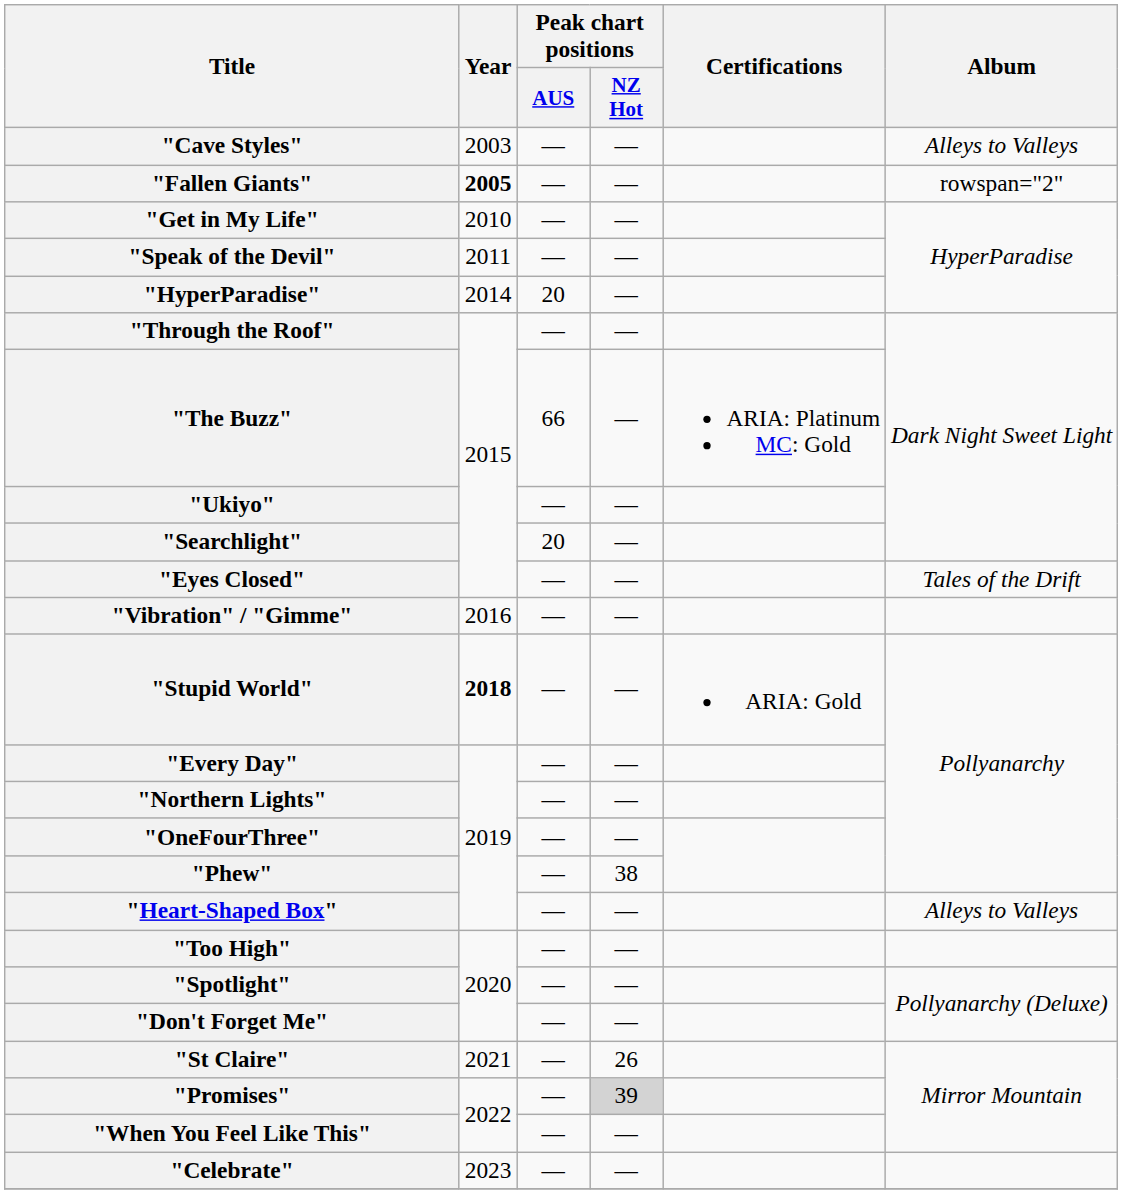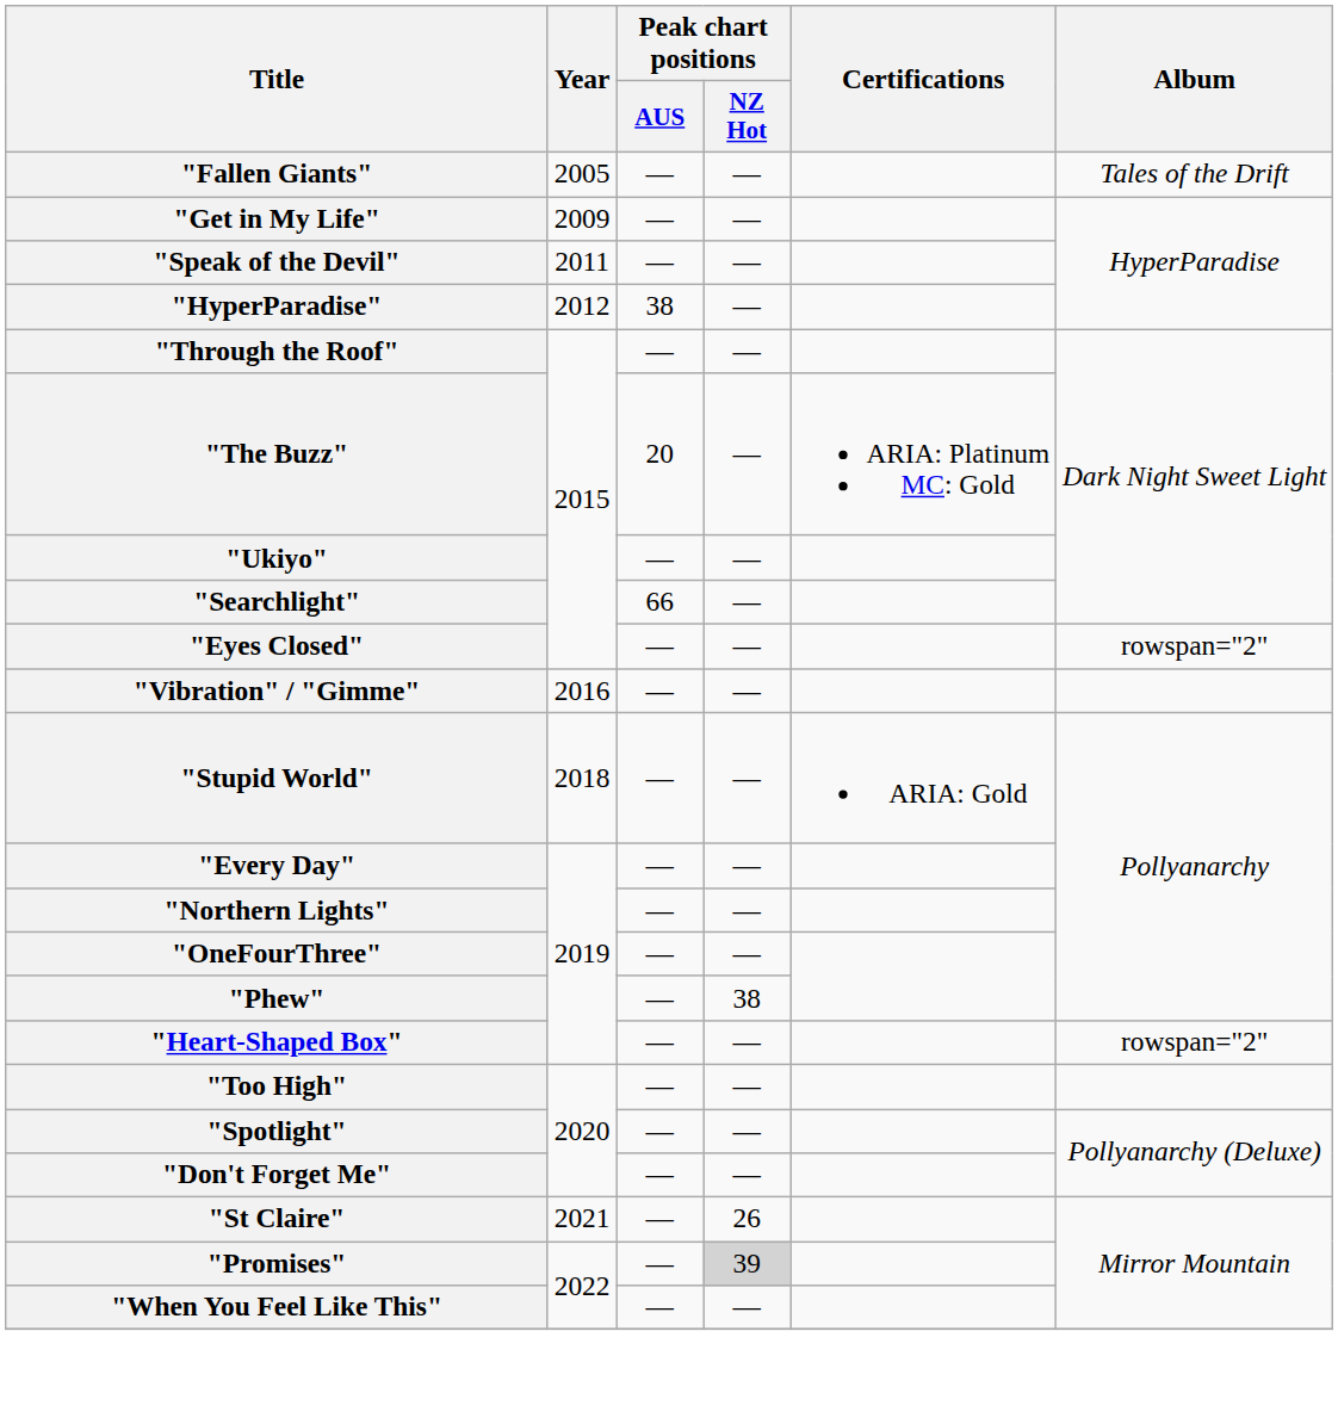 <table class="wikitable plainrowheaders" style="text-align:center;" border="1">
 <tr>
 <th scope="col" rowspan="2" style="width:19em;">Title</th>
 <th scope="col" rowspan="2" style="width:1em;">Year</th>
 <th scope="col" colspan="2">Peak chart positions</th>
 <th scope="col" rowspan="2">Certifications</th>
 <th scope="col" rowspan="2">Album</th>
 </tr>
 <tr>
 <th scope="col" style="width:3em;font-size:90%;"><a href='#'>AUS</a><br></th>
 <th scope="col" style="width:3em;font-size:90%;"><a href='#'>NZ<br>Hot</a><br></th>
 </tr>
 <tr>
-<th scope="row">"Cave Styles"</th>
-<td>2003</td>
+<th scope="row">"Fallen Giants"<br></th>
+<td>2005</td>
 <td>—</td>
 <td>—</td>
 <td></td>
-<td><em>Alleys to Valleys</em></td>
-</tr>
-<tr>
-<th scope="row">"Fallen Giants"<br></th>
-<td><strong>2005</strong></td>
-<td>—</td>
-<td>—</td>
-<td></td>
-<td>rowspan="2" </td>
+<td><em>Tales of the Drift</em></td>
 </tr>
 <tr>
 <th scope="row">"Get in My Life"</th>
-<td>2010</td>
+<td>2009</td>
 <td>—</td>
 <td>—</td>
 <td></td>
 <td rowspan="3"><em>HyperParadise</em></td>
 </tr>
 <tr>
 <th scope="row">"Speak of the Devil"</th>
 <td>2011</td>
 <td>—</td>
 <td>—</td>
 <td></td>
 </tr>
 <tr>
 <th scope="row">"HyperParadise"<br></th>
-<td>2014</td>
-<td>20</td>
+<td>2012</td>
+<td>38</td>
 <td>—</td>
 <td></td>
 </tr>
 <tr>
 <th scope="row">"Through the Roof"<br></th>
 <td rowspan="5">2015</td>
 <td>—</td>
 <td>—</td>
 <td></td>
 <td rowspan="4"><em>Dark Night Sweet Light</em></td>
 </tr>
 <tr>
 <th scope="row">"The Buzz"<br></th>
-<td>66</td>
+<td>20</td>
 <td>—</td>
 <td><br><ul><li>ARIA: Platinum</li><li><a href='#'>MC</a>: Gold</li></ul></td>
 </tr>
 <tr>
 <th scope="row">"Ukiyo"<br></th>
 <td>—</td>
 <td>—</td>
 <td></td>
 </tr>
 <tr>
 <th scope="row">"Searchlight"<br></th>
-<td>20</td>
+<td>66</td>
 <td>—</td>
 <td></td>
 </tr>
 <tr>
 <th scope="row">"Eyes Closed"<br></th>
 <td>—</td>
 <td>—</td>
 <td></td>
-<td><em>Tales of the Drift</em></td>
+<td>rowspan="2" </td>
 </tr>
 <tr>
 <th scope="row">"Vibration" / "Gimme"</th>
 <td>2016</td>
 <td>—</td>
 <td>—</td>
 <td></td>
 </tr>
 <tr>
 <th scope="row">"Stupid World"<br></th>
-<td><strong>2018</strong></td>
+<td>2018</td>
 <td>—</td>
 <td>—</td>
 <td><br><ul><li>ARIA: Gold</li></ul></td>
 <td rowspan="5"><em>Pollyanarchy</em></td>
 </tr>
 <tr>
 <th scope="row">"Every Day"<br></th>
 <td rowspan="5">2019</td>
 <td>—</td>
 <td>—</td>
 <td></td>
 </tr>
 <tr>
 <th scope="row">"Northern Lights"<br></th>
 <td>—</td>
 <td>—</td>
 <td></td>
 </tr>
 <tr>
 <th scope="row">"OneFourThree"<br></th>
 <td>—</td>
 <td>—</td>
 </tr>
 <tr>
 <th scope="row">"Phew"<br></th>
 <td>—</td>
 <td>38</td>
 </tr>
 <tr>
 <th scope="row">"<a href='#'>Heart-Shaped Box</a>"<br></th>
 <td>—</td>
 <td>—</td>
 <td></td>
-<td><em>Alleys to Valleys</em></td>
+<td>rowspan="2" </td>
 </tr>
 <tr>
 <th scope="row">"Too High"</th>
 <td rowspan="3">2020</td>
 <td>—</td>
 <td>—</td>
 <td></td>
 </tr>
 <tr>
 <th scope="row">"Spotlight" <br></th>
 <td>—</td>
 <td>—</td>
 <td></td>
 <td rowspan="2"><em>Pollyanarchy (Deluxe)</em></td>
 </tr>
 <tr>
 <th scope="row">"Don't Forget Me" <br></th>
 <td>—</td>
 <td>—</td>
 <td></td>
 </tr>
 <tr>
 <th scope="row">"St Claire"</th>
 <td>2021</td>
 <td>—</td>
 <td>26</td>
 <td></td>
 <td rowspan="3"><em>Mirror Mountain</em></td>
 </tr>
 <tr>
 <th scope="row">"Promises"</th>
 <td rowspan="2">2022</td>
 <td>—</td>
 <td style="background: lightgrey;">39</td>
 <td></td>
 </tr>
 <tr>
 <th scope="row">"When You Feel Like This"<br></th>
 <td>—</td>
 <td>—</td>
 <td></td>
 </tr>
 <tr>
-<th scope="row">"Celebrate"</th>
-<td>2023</td>
-<td>—</td>
-<td>—</td>
-<td></td>
-<td></td>
-</tr>
-<tr>
 </tr>
 </table>
